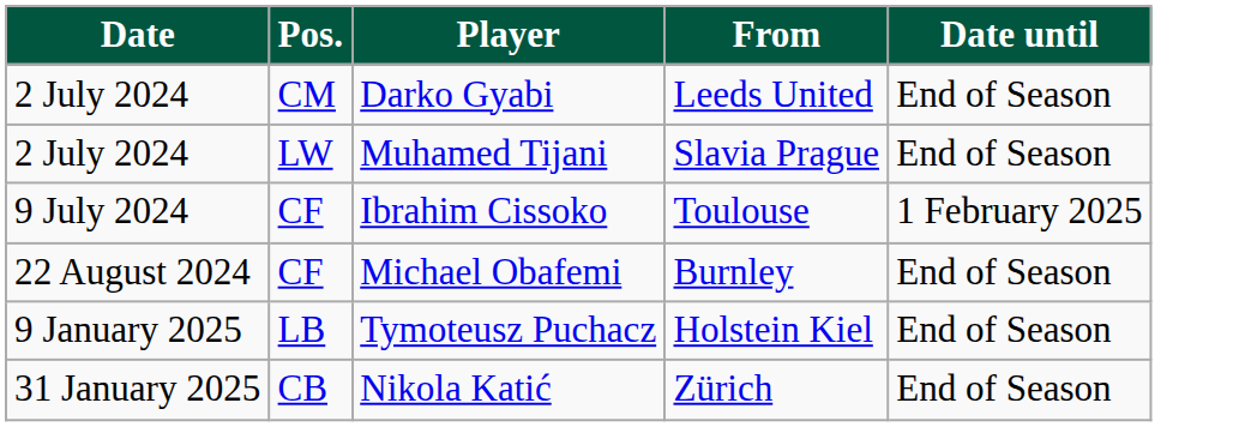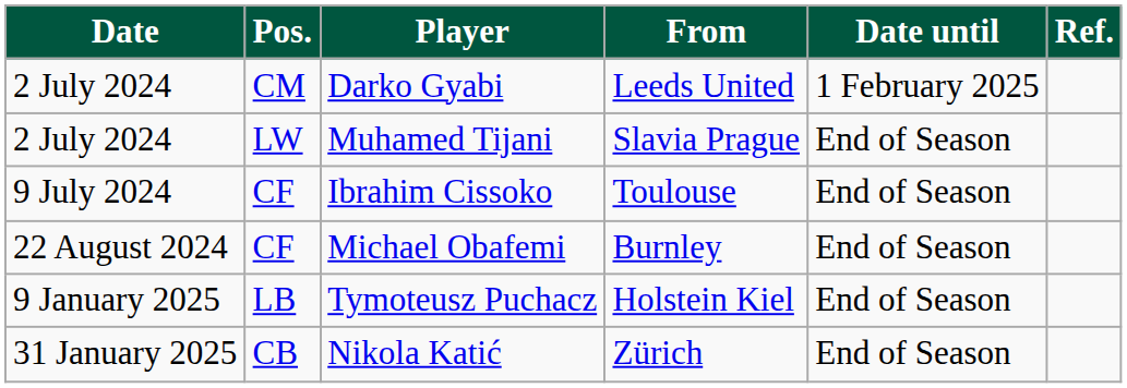 <table class="wikitable plainrowheaders sortable">
 <tr>
 <th style="background:#00563F;color:#FFFFFF;">Date</th>
 <th style="background:#00563F;color:#FFFFFF;">Pos.</th>
 <th style="background:#00563F;color:#FFFFFF;">Player</th>
 <th style="background:#00563F;color:#FFFFFF;">From</th>
 <th style="background:#00563F;color:#FFFFFF;">Date until</th>
+<th style="background:#00563F;color:#FFFFFF;">Ref.</th>
 </tr>
 <tr>
 <td>2 July 2024</td>
 <td><a href='#'>CM</a></td>
 <td> <a href='#'>Darko Gyabi</a></td>
 <td> <a href='#'>Leeds United</a></td>
-<td>End of Season</td>
+<td>1 February 2025</td>
+<td></td>
 </tr>
 <tr>
 <td>2 July 2024</td>
 <td><a href='#'>LW</a></td>
 <td> <a href='#'>Muhamed Tijani</a></td>
 <td> <a href='#'>Slavia Prague</a></td>
 <td>End of Season</td>
+<td></td>
 </tr>
 <tr>
 <td>9 July 2024</td>
 <td><a href='#'>CF</a></td>
 <td> <a href='#'>Ibrahim Cissoko</a></td>
 <td> <a href='#'>Toulouse</a></td>
-<td>1 February 2025</td>
+<td>End of Season</td>
+<td></td>
 </tr>
 <tr>
 <td>22 August 2024</td>
 <td><a href='#'>CF</a></td>
 <td> <a href='#'>Michael Obafemi</a></td>
 <td> <a href='#'>Burnley</a></td>
 <td>End of Season</td>
+<td></td>
 </tr>
 <tr>
 <td>9 January 2025</td>
 <td><a href='#'>LB</a></td>
 <td> <a href='#'>Tymoteusz Puchacz</a></td>
 <td> <a href='#'>Holstein Kiel</a></td>
 <td>End of Season</td>
+<td></td>
 </tr>
 <tr>
 <td>31 January 2025</td>
 <td><a href='#'>CB</a></td>
 <td> <a href='#'>Nikola Katić</a></td>
 <td> <a href='#'>Zürich</a></td>
 <td>End of Season</td>
+<td></td>
 </tr>
 </table>
